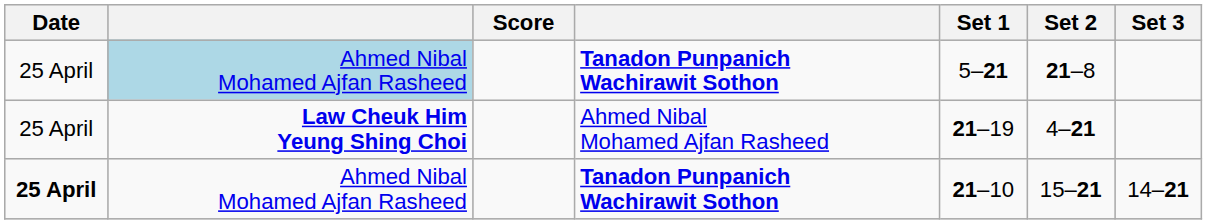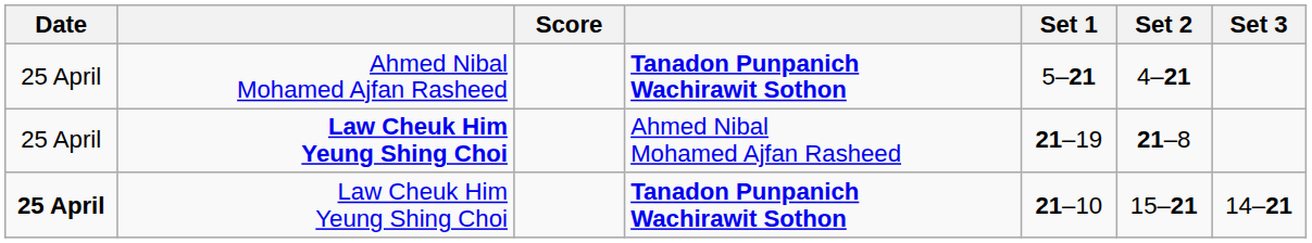 <table class="wikitable" style="text-align: center; font-size:90%">
 <tr>
 <th width="60">Date</th>
 <th align="right" width="230"></th>
 <th width="60">Score</th>
 <th align="left" width="230"></th>
 <th width="50">Set 1</th>
 <th width="50">Set 2</th>
 <th width="50">Set 3</th>
 </tr>
 <tr>
 <td>25 April<br></td>
-<td align="right" style="background: lightblue;"><a href='#'>Ahmed Nibal</a> <br><a href='#'>Mohamed Ajfan Rasheed</a> </td>
+<td align="right"><a href='#'>Ahmed Nibal</a> <br><a href='#'>Mohamed Ajfan Rasheed</a> </td>
 <td align="center"></td>
 <td align="left"><strong> <a href='#'>Tanadon Punpanich</a><br> <a href='#'>Wachirawit Sothon</a></strong></td>
 <td>5–<strong>21</strong></td>
-<td><strong>21</strong>–8</td>
+<td>4–<strong>21</strong></td>
 <td></td>
 </tr>
 <tr>
 <td>25 April<br></td>
 <td align="right"><strong><a href='#'>Law Cheuk Him</a> <br><a href='#'>Yeung Shing Choi</a> </strong></td>
 <td align="center"></td>
 <td align="left"> <a href='#'>Ahmed Nibal</a><br> <a href='#'>Mohamed Ajfan Rasheed</a></td>
 <td><strong>21</strong>–19</td>
-<td>4–<strong>21</strong></td>
+<td><strong>21</strong>–8</td>
 <td></td>
 </tr>
 <tr>
 <td><strong>25 April<br></strong></td>
-<td align="right"><a href='#'>Ahmed Nibal</a> <br><a href='#'>Mohamed Ajfan Rasheed</a> </td>
+<td align="right"><a href='#'>Law Cheuk Him</a> <br><a href='#'>Yeung Shing Choi</a> </td>
 <td align="center"></td>
 <td align="left"><strong> <a href='#'>Tanadon Punpanich</a><br> <a href='#'>Wachirawit Sothon</a></strong></td>
 <td><strong>21</strong>–10</td>
 <td>15–<strong>21</strong></td>
 <td>14–<strong>21</strong></td>
 </tr>
 </table>
